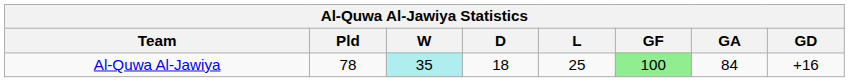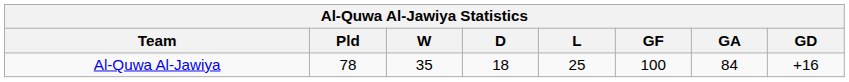 <table width=70% class="wikitable" style="text-align:">
 <tr>
 <th colspan=9>Al-Quwa Al-Jawiya Statistics</th>
 </tr>
 <tr>
 <th width=20%>Team</th>
 <th width=5%>Pld</th>
 <th width=5%>W</th>
 <th width=5%>D</th>
 <th width=5%>L</th>
 <th width=5%>GF</th>
 <th width=5%>GA</th>
 <th width=5%>GD</th>
 </tr>
 <tr align=center>
 <td align=center> <a href='#'>Al-Quwa Al-Jawiya</a></td>
 <td>78</td>
-<td style="background: paleturquoise;">35</td>
+<td>35</td>
 <td>18</td>
 <td>25</td>
-<td style="background: lightgreen;">100</td>
+<td>100</td>
 <td>84</td>
 <td>+16</td>
 </tr>
 </table>
